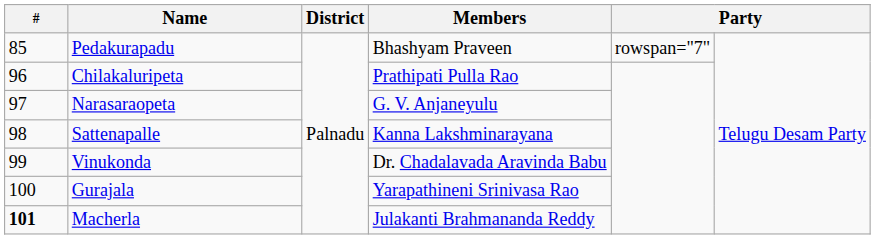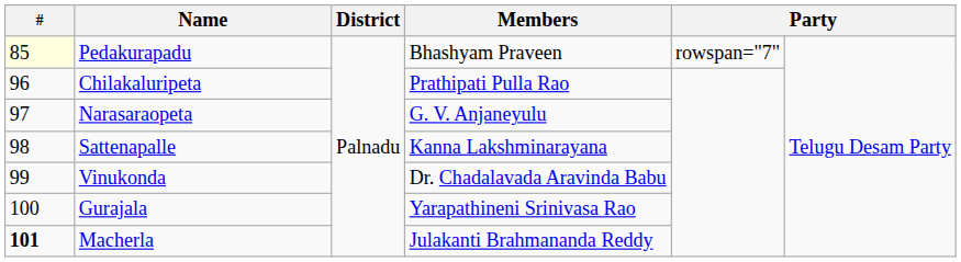 <table class="wikitable sortable">
 <tr>
 <th width="50px" style="font-size:75%">#</th>
 <th width="200px">Name</th>
 <th>District</th>
 <th>Members</th>
 <th colspan="2">Party</th>
 </tr>
 <tr>
-<td>85</td>
+<td style="background: lightyellow;">85</td>
 <td><a href='#'>Pedakurapadu</a></td>
 <td rowspan="7">Palnadu</td>
 <td>Bhashyam Praveen</td>
 <td>rowspan="7" </td>
 <td rowspan="7"><a href='#'>Telugu Desam Party</a></td>
 </tr>
 <tr>
 <td>96</td>
 <td><a href='#'>Chilakaluripeta</a></td>
 <td><a href='#'>Prathipati Pulla Rao</a></td>
 </tr>
 <tr>
 <td>97</td>
 <td><a href='#'>Narasaraopeta</a></td>
 <td><a href='#'>G. V. Anjaneyulu</a></td>
 </tr>
 <tr>
 <td>98</td>
 <td><a href='#'>Sattenapalle</a></td>
 <td><a href='#'>Kanna Lakshminarayana</a></td>
 </tr>
 <tr>
 <td>99</td>
 <td><a href='#'>Vinukonda</a></td>
 <td>Dr. <a href='#'>Chadalavada Aravinda Babu</a></td>
 </tr>
 <tr>
 <td>100</td>
 <td><a href='#'>Gurajala</a></td>
 <td><a href='#'>Yarapathineni Srinivasa Rao</a></td>
 </tr>
 <tr>
 <td><strong>101</strong></td>
 <td><a href='#'>Macherla</a></td>
 <td><a href='#'>Julakanti Brahmananda Reddy</a></td>
 </tr>
 </table>
